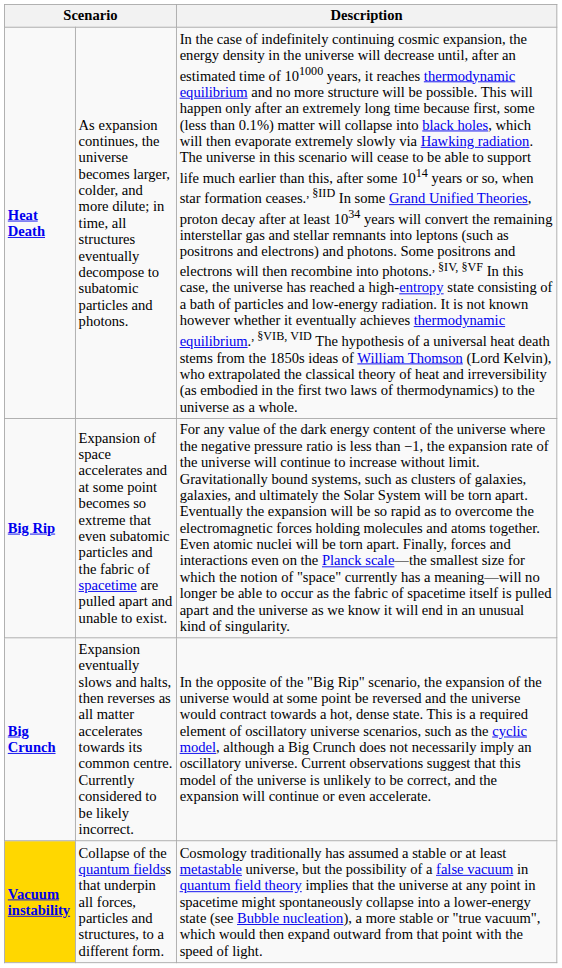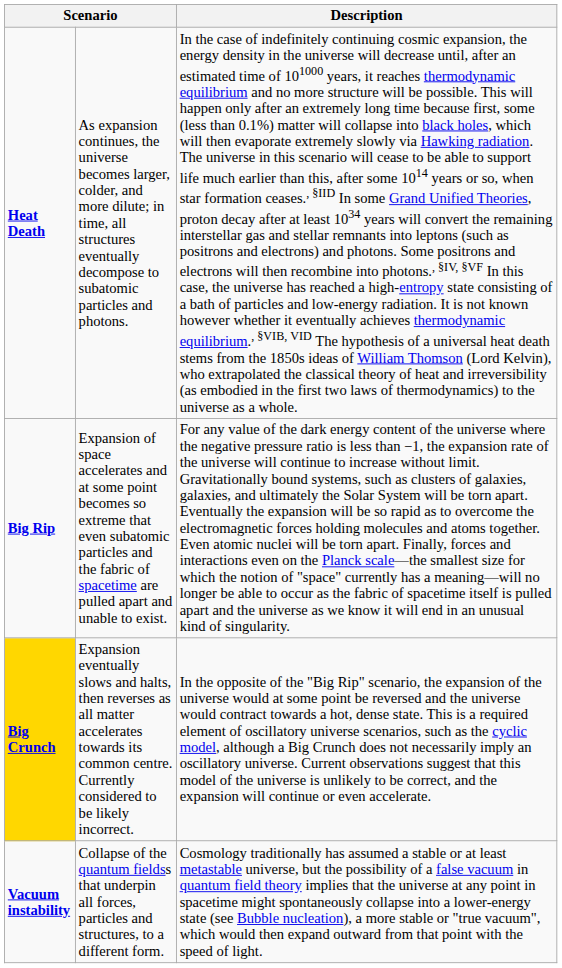 <table class="wikitable">
 <tr>
 <th colspan="2">Scenario</th>
 <th>Description</th>
 </tr>
 <tr>
 <td><strong><a href='#'>Heat Death</a></strong></td>
 <td>As expansion continues, the universe becomes larger, colder, and more dilute; in time, all structures eventually decompose to subatomic particles and photons.</td>
 <td>In the case of indefinitely continuing cosmic expansion, the energy density in the universe will decrease until, after an estimated time of 10<sup>1000</sup> years, it reaches <a href='#'>thermodynamic equilibrium</a> and no more structure will be possible. This will happen only after an extremely long time because first, some (less than 0.1%) matter will collapse into <a href='#'>black holes</a>, which will then evaporate extremely slowly via <a href='#'>Hawking radiation</a>. The universe in this scenario will cease to be able to support life much earlier than this, after some 10<sup>14</sup> years or so, when star formation ceases.<sup>, §IID</sup> In some <a href='#'>Grand Unified Theories</a>, proton decay after at least 10<sup>34</sup> years will convert the remaining interstellar gas and stellar remnants into leptons (such as positrons and electrons) and photons. Some positrons and electrons will then recombine into photons.<sup>, §IV, §VF</sup> In this case, the universe has reached a high-<a href='#'>entropy</a> state consisting of a bath of particles and low-energy radiation. It is not known however whether it eventually achieves <a href='#'>thermodynamic equilibrium</a>.<sup>, §VIB, VID</sup> The hypothesis of a universal heat death stems from the 1850s ideas of <a href='#'>William Thomson</a> (Lord Kelvin), who extrapolated the classical theory of heat and irreversibility (as embodied in the first two laws of thermodynamics) to the universe as a whole.</td>
 </tr>
 <tr>
 <td><strong><a href='#'>Big Rip</a></strong></td>
 <td>Expansion of space accelerates and at some point becomes so extreme that even subatomic particles and the fabric of <a href='#'>spacetime</a> are pulled apart and unable to exist.</td>
 <td>For any value of the dark energy content of the universe where the negative pressure ratio is less than −1, the expansion rate of the universe will continue to increase without limit. Gravitationally bound systems, such as clusters of galaxies, galaxies, and ultimately the Solar System will be torn apart. Eventually the expansion will be so rapid as to overcome the electromagnetic forces holding molecules and atoms together. Even atomic nuclei will be torn apart. Finally, forces and interactions even on the <a href='#'>Planck scale</a>—the smallest size for which the notion of "space" currently has a meaning—will no longer be able to occur as the fabric of spacetime itself is pulled apart and the universe as we know it will end in an unusual kind of singularity.</td>
 </tr>
 <tr>
-<td><strong><a href='#'>Big Crunch</a></strong></td>
+<td style="background: gold;"><strong><a href='#'>Big Crunch</a></strong></td>
 <td>Expansion eventually slows and halts, then reverses as all matter accelerates towards its common centre. Currently considered to be likely incorrect.</td>
 <td>In the opposite of the "Big Rip" scenario, the expansion of the universe would at some point be reversed and the universe would contract towards a hot, dense state. This is a required element of oscillatory universe scenarios, such as the <a href='#'>cyclic model</a>, although a Big Crunch does not necessarily imply an oscillatory universe. Current observations suggest that this model of the universe is unlikely to be correct, and the expansion will continue or even accelerate.</td>
 </tr>
 <tr>
-<td style="background: gold;"><strong><a href='#'>Vacuum instability</a></strong></td>
+<td><strong><a href='#'>Vacuum instability</a></strong></td>
 <td>Collapse of the <a href='#'>quantum fields</a>s that underpin all forces, particles and structures, to a different form.</td>
 <td>Cosmology traditionally has assumed a stable or at least <a href='#'>metastable</a> universe, but the possibility of a <a href='#'>false vacuum</a> in <a href='#'>quantum field theory</a> implies that the universe at any point in spacetime might spontaneously collapse into a lower-energy state (see <a href='#'>Bubble nucleation</a>), a more stable or "true vacuum", which would then expand outward from that point with the speed of light.</td>
 </tr>
 </table>
